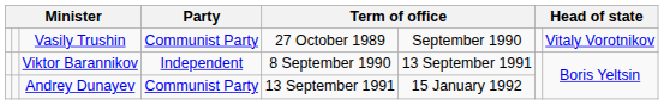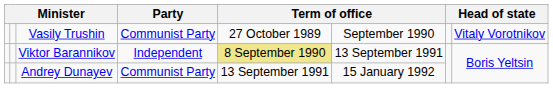 <table class="wikitable" style="text-align:center;">
 <tr>
 <th colspan=3>Minister</th>
 <th>Party</th>
 <th colspan=2>Term of office</th>
 <th colspan=2>Head of state</th>
 </tr>
 <tr>
 <td rowspan=2 style="background:"></td>
 <td rowspan=2></td>
 <td rowspan=2><a href='#'>Vasily Trushin</a></td>
 <td rowspan=2><a href='#'>Communist Party</a></td>
 <td rowspan=2>27 October 1989</td>
 <td rowspan=2>September 1990</td>
 <td style="background:"></td>
 <td><a href='#'>Vitaly Vorotnikov</a></td>
 </tr>
 <tr>
 <td rowspan=3 style="background:"></td>
 <td rowspan=3><a href='#'>Boris Yeltsin</a></td>
 </tr>
 <tr>
 <td style="background:"></td>
 <td></td>
 <td><a href='#'>Viktor Barannikov</a></td>
 <td><a href='#'>Independent</a></td>
-<td>8 September 1990</td>
+<td style="background: khaki;">8 September 1990</td>
 <td>13 September 1991</td>
 </tr>
 <tr>
 <td style="background:"></td>
 <td></td>
 <td><a href='#'>Andrey Dunayev</a></td>
 <td><a href='#'>Communist Party</a></td>
 <td>13 September 1991</td>
 <td>15 January 1992</td>
 </tr>
 </table>
